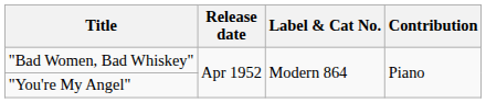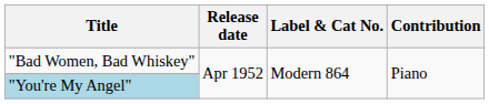 <table class="wikitable">
 <tr>
 <th>Title</th>
 <th>Release<br>date</th>
 <th>Label & Cat No.</th>
 <th>Contribution</th>
 </tr>
 <tr>
 <td>"Bad Women, Bad Whiskey"</td>
 <td rowspan="2">Apr 1952</td>
 <td rowspan="2">Modern 864</td>
 <td rowspan="2">Piano</td>
 </tr>
 <tr>
-<td>"You're My Angel"</td>
+<td style="background: lightblue;">"You're My Angel"</td>
 </tr>
 </table>
